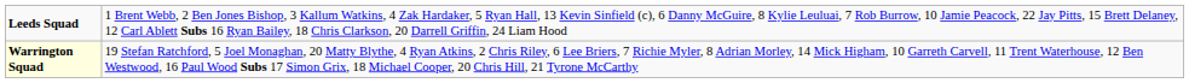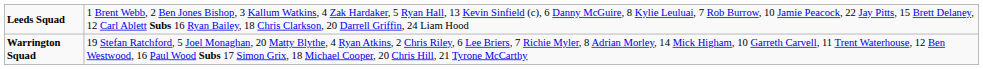 <table class="wikitable" style="font-size:85%;">
 <tr>
 <td><strong>Leeds Squad</strong></td>
 <td>1 <a href='#'>Brent Webb</a>, 2 <a href='#'>Ben Jones Bishop</a>, 3 <a href='#'>Kallum Watkins</a>, 4 <a href='#'>Zak Hardaker</a>, 5 <a href='#'>Ryan Hall</a>, 13 <a href='#'>Kevin Sinfield</a> (c), 6 <a href='#'>Danny McGuire</a>, 8 <a href='#'>Kylie Leuluai</a>, 7 <a href='#'>Rob Burrow</a>, 10 <a href='#'>Jamie Peacock</a>, 22 <a href='#'>Jay Pitts</a>, 15 <a href='#'>Brett Delaney</a>, 12 <a href='#'>Carl Ablett</a> <strong>Subs</strong> 16 <a href='#'>Ryan Bailey</a>, 18 <a href='#'>Chris Clarkson</a>, 20 <a href='#'>Darrell Griffin</a>, 24 Liam Hood</td>
 </tr>
 <tr>
-<td style="background: lightyellow;"><strong>Warrington Squad</strong></td>
+<td><strong>Warrington Squad</strong></td>
 <td>19 <a href='#'>Stefan Ratchford</a>, 5 <a href='#'>Joel Monaghan</a>, 20 <a href='#'>Matty Blythe</a>, 4 <a href='#'>Ryan Atkins</a>, 2 <a href='#'>Chris Riley</a>, 6 <a href='#'>Lee Briers</a>, 7 <a href='#'>Richie Myler</a>, 8 <a href='#'>Adrian Morley</a>, 14 <a href='#'>Mick Higham</a>, 10 <a href='#'>Garreth Carvell</a>, 11 <a href='#'>Trent Waterhouse</a>, 12 <a href='#'>Ben Westwood</a>, 16 <a href='#'>Paul Wood</a> <strong>Subs</strong> 17 <a href='#'>Simon Grix</a>, 18 <a href='#'>Michael Cooper</a>, 20 <a href='#'>Chris Hill</a>, 21 <a href='#'>Tyrone McCarthy</a></td>
 </tr>
 </table>
